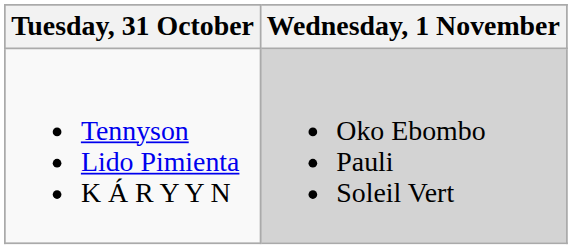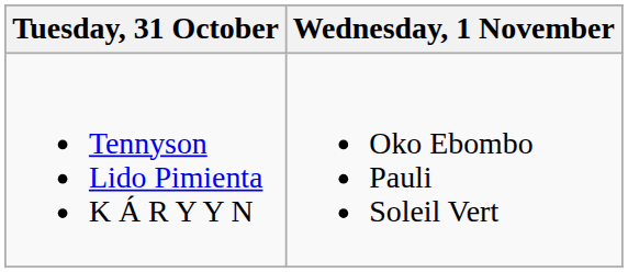 <table class="wikitable">
 <tr>
 <th>Tuesday, 31 October</th>
 <th>Wednesday, 1 November</th>
 </tr>
 <tr valign="top">
 <td><br><ul><li><a href='#'>Tennyson</a></li><li><a href='#'>Lido Pimienta</a></li><li>K Á R Y Y N</li></ul></td>
-<td style="background: lightgrey;"><br><ul><li>Oko Ebombo</li><li>Pauli</li><li>Soleil Vert</li></ul></td>
+<td><br><ul><li>Oko Ebombo</li><li>Pauli</li><li>Soleil Vert</li></ul></td>
 </tr>
 </table>
